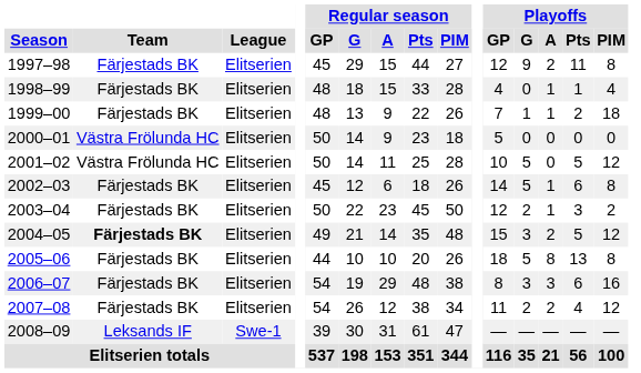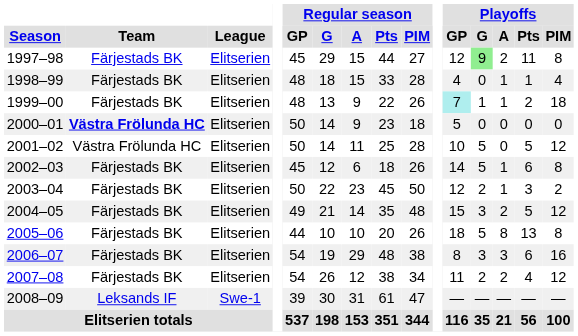 <table BORDER="0" CELLPADDING="3" CELLSPACING="0" ID="Table3">
 <tr bgcolor="#e0e0e0">
 <th colspan="3" bgcolor="#ffffff"> </th>
 <th rowspan="99" bgcolor="#ffffff"> </th>
 <th colspan="5"><a href='#'>Regular season</a></th>
 <th rowspan="99" bgcolor="#ffffff"> </th>
 <th colspan="5"><a href='#'>Playoffs</a></th>
 </tr>
 <tr bgcolor="#e0e0e0">
 <th><a href='#'>Season</a></th>
 <th>Team</th>
 <th>League</th>
 <th>GP</th>
 <th><a href='#'>G</a></th>
 <th><a href='#'>A</a></th>
 <th><a href='#'>Pts</a></th>
 <th><a href='#'>PIM</a></th>
 <th>GP</th>
 <th>G</th>
 <th>A</th>
 <th>Pts</th>
 <th>PIM</th>
 </tr>
 <tr ALIGN="center">
 <td>1997–98</td>
 <td><a href='#'>Färjestads BK</a></td>
 <td><a href='#'>Elitserien</a></td>
 <td>45</td>
 <td>29</td>
 <td>15</td>
 <td>44</td>
 <td>27</td>
 <td>12</td>
-<td>9</td>
+<td style="background: lightgreen;">9</td>
 <td>2</td>
 <td>11</td>
 <td>8</td>
 </tr>
 <tr ALIGN="center" bgcolor="#f0f0f0">
 <td>1998–99</td>
 <td>Färjestads BK</td>
 <td>Elitserien</td>
 <td>48</td>
 <td>18</td>
 <td>15</td>
 <td>33</td>
 <td>28</td>
 <td>4</td>
 <td>0</td>
 <td>1</td>
 <td>1</td>
 <td>4</td>
 </tr>
 <tr ALIGN="center">
 <td>1999–00</td>
 <td>Färjestads BK</td>
 <td>Elitserien</td>
 <td>48</td>
 <td>13</td>
 <td>9</td>
 <td>22</td>
 <td>26</td>
-<td>7</td>
+<td style="background: paleturquoise;">7</td>
 <td>1</td>
 <td>1</td>
 <td>2</td>
 <td>18</td>
 </tr>
 <tr ALIGN="center" bgcolor="#f0f0f0">
 <td>2000–01</td>
-<td><a href='#'>Västra Frölunda HC</a></td>
+<td><strong><a href='#'>Västra Frölunda HC</a></strong></td>
 <td>Elitserien</td>
 <td>50</td>
 <td>14</td>
 <td>9</td>
 <td>23</td>
 <td>18</td>
 <td>5</td>
 <td>0</td>
 <td>0</td>
 <td>0</td>
 <td>0</td>
 </tr>
 <tr ALIGN="center">
 <td>2001–02</td>
 <td>Västra Frölunda HC</td>
 <td>Elitserien</td>
 <td>50</td>
 <td>14</td>
 <td>11</td>
 <td>25</td>
 <td>28</td>
 <td>10</td>
 <td>5</td>
 <td>0</td>
 <td>5</td>
 <td>12</td>
 </tr>
 <tr ALIGN="center" bgcolor="#f0f0f0">
 <td>2002–03</td>
 <td>Färjestads BK</td>
 <td>Elitserien</td>
 <td>45</td>
 <td>12</td>
 <td>6</td>
 <td>18</td>
 <td>26</td>
 <td>14</td>
 <td>5</td>
 <td>1</td>
 <td>6</td>
 <td>8</td>
 </tr>
 <tr ALIGN="center">
 <td>2003–04</td>
 <td>Färjestads BK</td>
 <td>Elitserien</td>
 <td>50</td>
 <td>22</td>
 <td>23</td>
 <td>45</td>
 <td>50</td>
 <td>12</td>
 <td>2</td>
 <td>1</td>
 <td>3</td>
 <td>2</td>
 </tr>
 <tr ALIGN="center" bgcolor="#f0f0f0">
 <td>2004–05</td>
-<td><strong>Färjestads BK</strong></td>
+<td>Färjestads BK</td>
 <td>Elitserien</td>
 <td>49</td>
 <td>21</td>
 <td>14</td>
 <td>35</td>
 <td>48</td>
 <td>15</td>
 <td>3</td>
 <td>2</td>
 <td>5</td>
 <td>12</td>
 </tr>
 <tr ALIGN="center">
 <td><a href='#'>2005–06</a></td>
 <td>Färjestads BK</td>
 <td>Elitserien</td>
 <td>44</td>
 <td>10</td>
 <td>10</td>
 <td>20</td>
 <td>26</td>
 <td>18</td>
 <td>5</td>
 <td>8</td>
 <td>13</td>
 <td>8</td>
 </tr>
 <tr ALIGN="center" bgcolor="#f0f0f0">
 <td><a href='#'>2006–07</a></td>
 <td>Färjestads BK</td>
 <td>Elitserien</td>
 <td>54</td>
 <td>19</td>
 <td>29</td>
 <td>48</td>
 <td>38</td>
 <td>8</td>
 <td>3</td>
 <td>3</td>
 <td>6</td>
 <td>16</td>
 </tr>
 <tr ALIGN="center">
 <td><a href='#'>2007–08</a></td>
 <td>Färjestads BK</td>
 <td>Elitserien</td>
 <td>54</td>
 <td>26</td>
 <td>12</td>
 <td>38</td>
 <td>34</td>
 <td>11</td>
 <td>2</td>
 <td>2</td>
 <td>4</td>
 <td>12</td>
 </tr>
 <tr ALIGN="center" bgcolor="#f0f0f0">
 <td>2008–09</td>
 <td><a href='#'>Leksands IF</a></td>
 <td><a href='#'>Swe-1</a></td>
 <td>39</td>
 <td>30</td>
 <td>31</td>
 <td>61</td>
 <td>47</td>
 <td>—</td>
 <td>—</td>
 <td>—</td>
 <td>—</td>
 <td>—</td>
 </tr>
 <tr bgcolor="#e0e0e0">
 <th colspan="3">Elitserien totals</th>
 <th>537</th>
 <th>198</th>
 <th>153</th>
 <th>351</th>
 <th>344</th>
 <th>116</th>
 <th>35</th>
 <th>21</th>
 <th>56</th>
 <th>100</th>
 </tr>
 </table>
